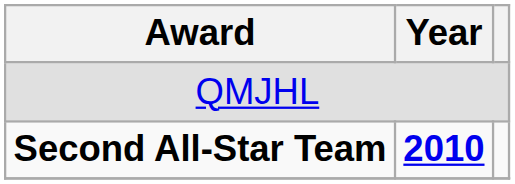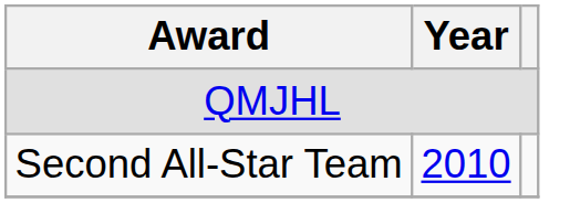 <table class="wikitable">
 <tr>
 <th>Award</th>
 <th>Year</th>
 <th></th>
 </tr>
 <tr ALIGN="center" bgcolor="#e0e0e0">
 <td colspan="3"><a href='#'>QMJHL</a></td>
 </tr>
 <tr>
-<td><strong>Second All-Star Team</strong></td>
-<td><strong><a href='#'>2010</a></strong></td>
+<td>Second All-Star Team</td>
+<td><a href='#'>2010</a></td>
 <td></td>
 </tr>
 <tr>
 </tr>
 </table>
